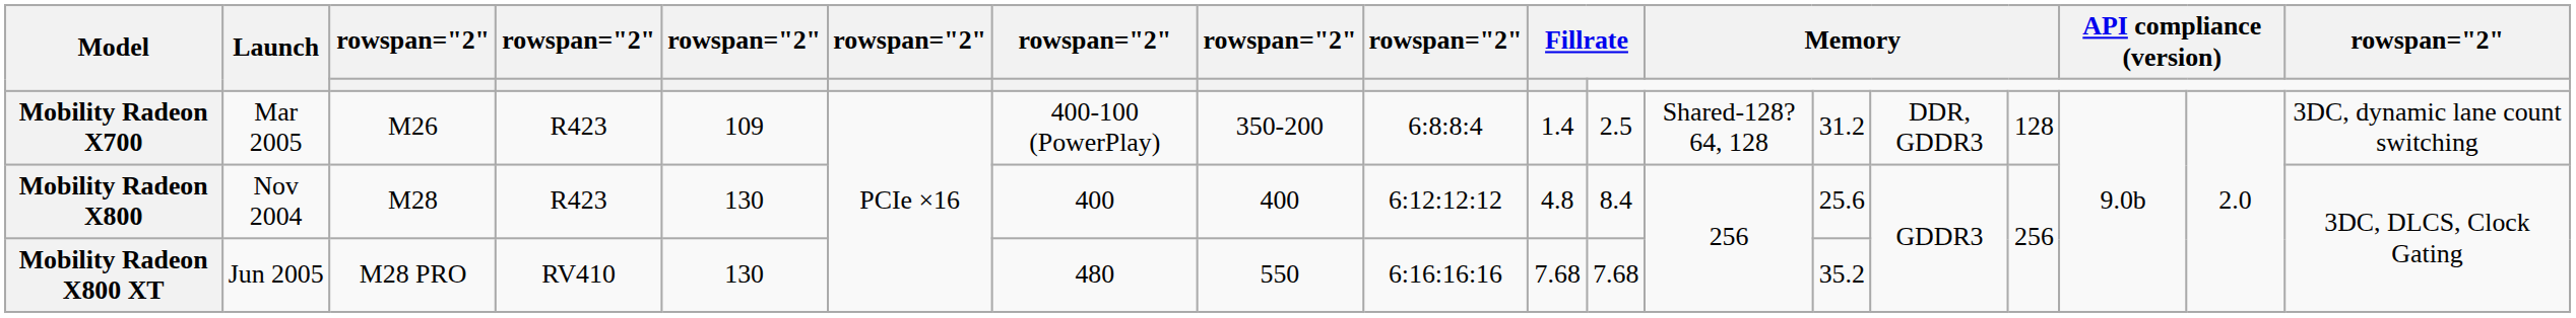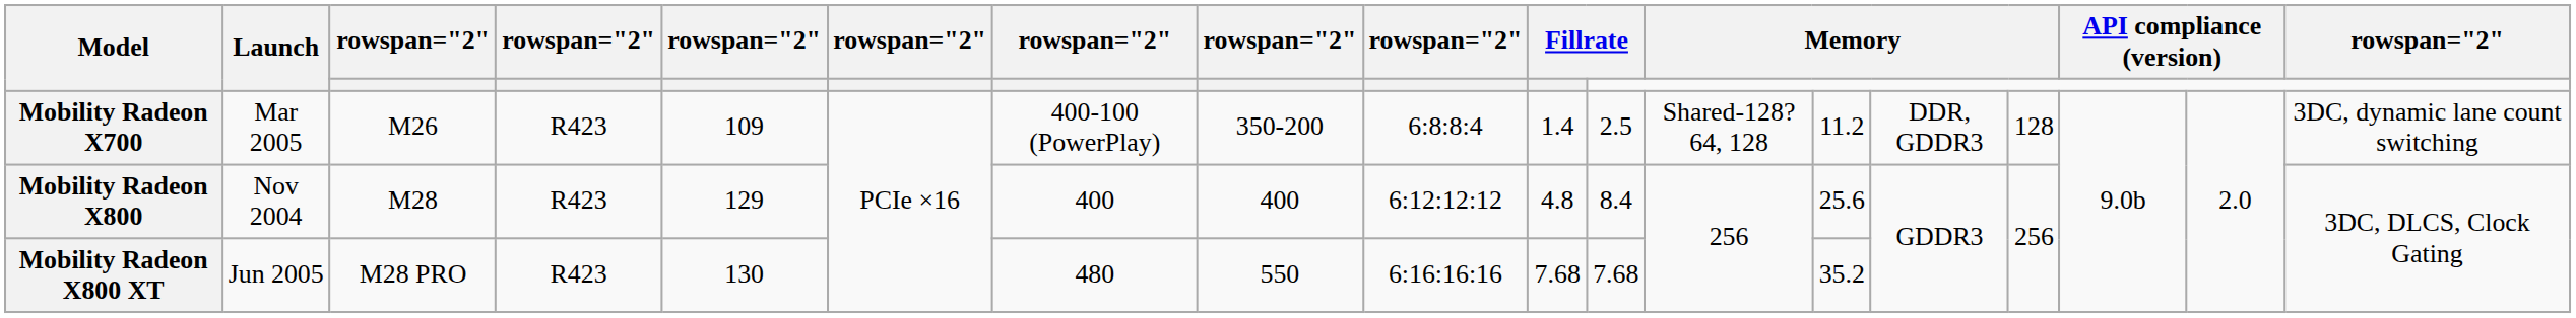 <table class="mw-datatable wikitable sortable" style="font-size: 80%; text-align:center;">
 <tr>
 <th rowspan="2">Model</th>
 <th rowspan="2">Launch</th>
 <th>rowspan="2" </th>
 <th>rowspan="2" </th>
 <th>rowspan="2" </th>
 <th>rowspan="2" </th>
 <th>rowspan="2" </th>
 <th>rowspan="2" </th>
 <th>rowspan="2" </th>
 <th colspan="2"><a href='#'>Fillrate</a></th>
 <th colspan="4">Memory</th>
 <th colspan="2"><a href='#'>API</a> compliance (version)</th>
 <th>rowspan="2" </th>
 </tr>
 <tr>
 <th></th>
 <th></th>
 <th></th>
 <th></th>
 <th></th>
 <th></th>
 <th></th>
 <th></th>
 </tr>
 <tr>
 <th>Mobility Radeon X700</th>
 <td>Mar 2005</td>
 <td>M26</td>
 <td>R423</td>
 <td>109</td>
 <td rowspan="3">PCIe ×16</td>
 <td>400-100 (PowerPlay)</td>
 <td>350-200</td>
 <td>6:8:8:4</td>
 <td>1.4</td>
 <td>2.5</td>
 <td>Shared-128? 64, 128</td>
-<td>31.2</td>
+<td>11.2</td>
 <td>DDR, GDDR3</td>
 <td rowspan="1">128</td>
 <td rowspan="3">9.0b</td>
 <td rowspan="3">2.0</td>
 <td>3DC, dynamic lane count switching</td>
 </tr>
 <tr>
 <th>Mobility Radeon X800</th>
 <td>Nov 2004</td>
 <td>M28</td>
 <td>R423</td>
-<td>130</td>
+<td>129</td>
 <td>400</td>
 <td>400</td>
 <td>6:12:12:12</td>
 <td>4.8</td>
 <td>8.4</td>
 <td rowspan="2">256</td>
 <td>25.6</td>
 <td rowspan="2">GDDR3</td>
 <td rowspan="2">256</td>
 <td rowspan="2">3DC, DLCS, Clock Gating</td>
 </tr>
 <tr>
 <th>Mobility Radeon X800 XT</th>
 <td>Jun 2005</td>
 <td>M28 PRO</td>
-<td>RV410</td>
+<td>R423</td>
 <td>130</td>
 <td>480</td>
 <td>550</td>
 <td>6:16:16:16</td>
 <td>7.68</td>
 <td>7.68</td>
 <td>35.2</td>
 </tr>
 </table>
